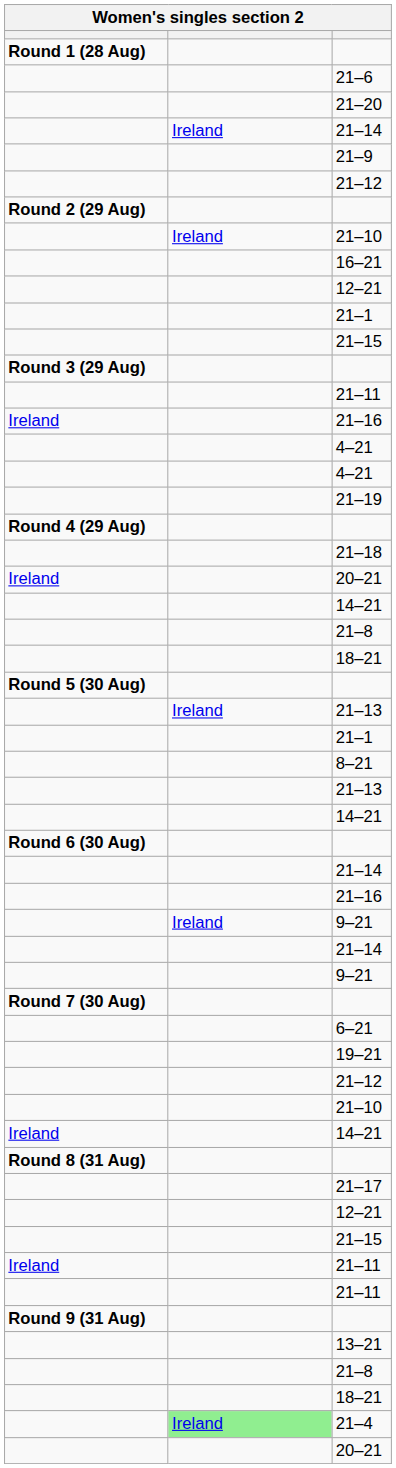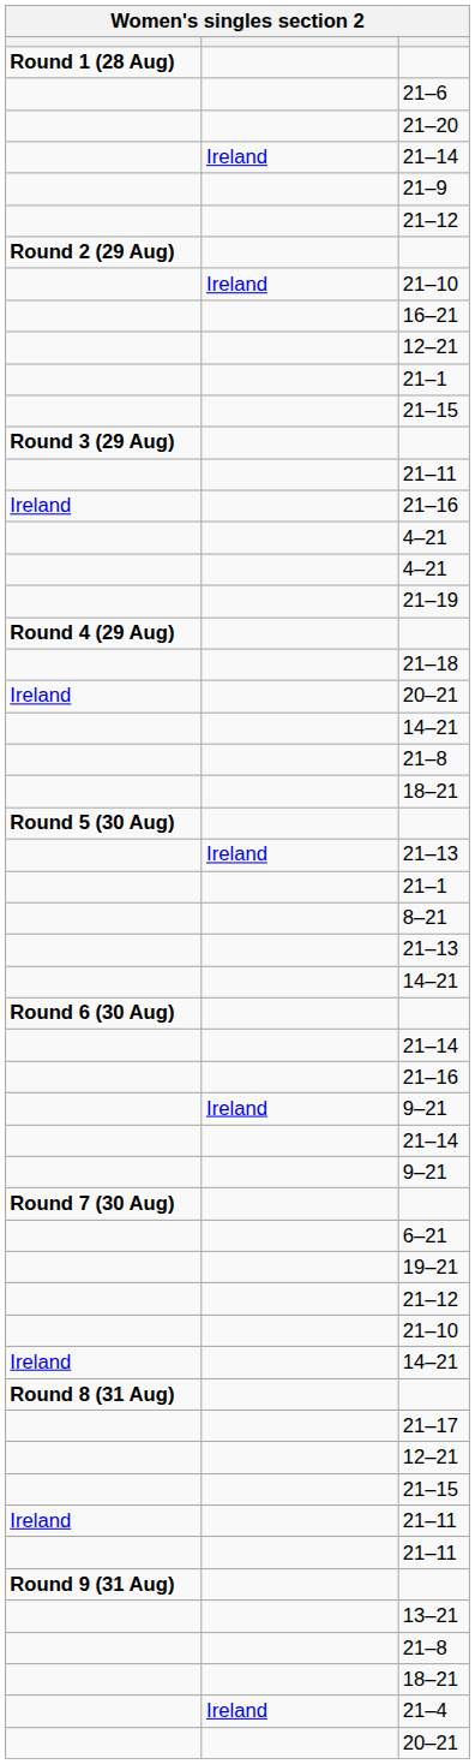 <table class="wikitable">
 <tr>
 <th colspan="3">Women's singles section 2</th>
 </tr>
 <tr>
 <th width=150></th>
 <th width=150></th>
 <th width=50></th>
 </tr>
 <tr>
 <td><strong>Round 1 (28 Aug)</strong></td>
 <td></td>
 <td></td>
 </tr>
 <tr>
 <td></td>
 <td></td>
 <td>21–6</td>
 </tr>
 <tr>
 <td></td>
 <td></td>
 <td>21–20</td>
 </tr>
 <tr>
 <td></td>
 <td> <a href='#'>Ireland</a></td>
 <td>21–14</td>
 </tr>
 <tr>
 <td></td>
 <td></td>
 <td>21–9</td>
 </tr>
 <tr>
 <td></td>
 <td></td>
 <td>21–12</td>
 </tr>
 <tr>
 <td><strong>Round 2 (29 Aug)</strong></td>
 <td></td>
 <td></td>
 </tr>
 <tr>
 <td></td>
 <td> <a href='#'>Ireland</a></td>
 <td>21–10</td>
 </tr>
 <tr>
 <td></td>
 <td></td>
 <td>16–21</td>
 </tr>
 <tr>
 <td></td>
 <td></td>
 <td>12–21</td>
 </tr>
 <tr>
 <td></td>
 <td></td>
 <td>21–1</td>
 </tr>
 <tr>
 <td></td>
 <td></td>
 <td>21–15</td>
 </tr>
 <tr>
 <td><strong>Round 3 (29 Aug)</strong></td>
 <td></td>
 <td></td>
 </tr>
 <tr>
 <td></td>
 <td></td>
 <td>21–11</td>
 </tr>
 <tr>
 <td> <a href='#'>Ireland</a></td>
 <td></td>
 <td>21–16</td>
 </tr>
 <tr>
 <td></td>
 <td></td>
 <td>4–21</td>
 </tr>
 <tr>
 <td></td>
 <td></td>
 <td>4–21</td>
 </tr>
 <tr>
 <td></td>
 <td></td>
 <td>21–19</td>
 </tr>
 <tr>
 <td><strong>Round 4 (29 Aug)</strong></td>
 <td></td>
 <td></td>
 </tr>
 <tr>
 <td></td>
 <td></td>
 <td>21–18</td>
 </tr>
 <tr>
 <td> <a href='#'>Ireland</a></td>
 <td></td>
 <td>20–21</td>
 </tr>
 <tr>
 <td></td>
 <td></td>
 <td>14–21</td>
 </tr>
 <tr>
 <td></td>
 <td></td>
 <td>21–8</td>
 </tr>
 <tr>
 <td></td>
 <td></td>
 <td>18–21</td>
 </tr>
 <tr>
 <td><strong>Round 5 (30 Aug)</strong></td>
 <td></td>
 <td></td>
 </tr>
 <tr>
 <td></td>
 <td> <a href='#'>Ireland</a></td>
 <td>21–13</td>
 </tr>
 <tr>
 <td></td>
 <td></td>
 <td>21–1</td>
 </tr>
 <tr>
 <td></td>
 <td></td>
 <td>8–21</td>
 </tr>
 <tr>
 <td></td>
 <td></td>
 <td>21–13</td>
 </tr>
 <tr>
 <td></td>
 <td></td>
 <td>14–21</td>
 </tr>
 <tr>
 <td><strong>Round 6  (30 Aug)</strong></td>
 <td></td>
 <td></td>
 </tr>
 <tr>
 <td></td>
 <td></td>
 <td>21–14</td>
 </tr>
 <tr>
 <td></td>
 <td></td>
 <td>21–16</td>
 </tr>
 <tr>
 <td></td>
 <td> <a href='#'>Ireland</a></td>
 <td>9–21</td>
 </tr>
 <tr>
 <td></td>
 <td></td>
 <td>21–14</td>
 </tr>
 <tr>
 <td></td>
 <td></td>
 <td>9–21</td>
 </tr>
 <tr>
 <td><strong>Round 7 (30 Aug)</strong></td>
 <td></td>
 <td></td>
 </tr>
 <tr>
 <td></td>
 <td></td>
 <td>6–21</td>
 </tr>
 <tr>
 <td></td>
 <td></td>
 <td>19–21</td>
 </tr>
 <tr>
 <td></td>
 <td></td>
 <td>21–12</td>
 </tr>
 <tr>
 <td></td>
 <td></td>
 <td>21–10</td>
 </tr>
 <tr>
 <td> <a href='#'>Ireland</a></td>
 <td></td>
 <td>14–21</td>
 </tr>
 <tr>
 <td><strong>Round 8 (31 Aug)</strong></td>
 <td></td>
 <td></td>
 </tr>
 <tr>
 <td></td>
 <td></td>
 <td>21–17</td>
 </tr>
 <tr>
 <td></td>
 <td></td>
 <td>12–21</td>
 </tr>
 <tr>
 <td></td>
 <td></td>
 <td>21–15</td>
 </tr>
 <tr>
 <td> <a href='#'>Ireland</a></td>
 <td></td>
 <td>21–11</td>
 </tr>
 <tr>
 <td></td>
 <td></td>
 <td>21–11</td>
 </tr>
 <tr>
 <td><strong>Round 9 (31 Aug)</strong></td>
 <td></td>
 <td></td>
 </tr>
 <tr>
 <td></td>
 <td></td>
 <td>13–21</td>
 </tr>
 <tr>
 <td></td>
 <td></td>
 <td>21–8</td>
 </tr>
 <tr>
 <td></td>
 <td></td>
 <td>18–21</td>
 </tr>
 <tr>
 <td></td>
-<td style="background: lightgreen;"> <a href='#'>Ireland</a></td>
+<td> <a href='#'>Ireland</a></td>
 <td>21–4</td>
 </tr>
 <tr>
 <td></td>
 <td></td>
 <td>20–21</td>
 </tr>
 </table>
